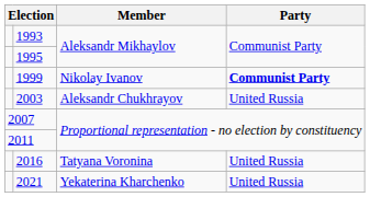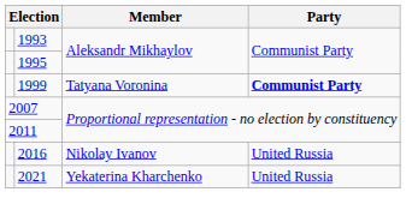 <table class="wikitable">
 <tr>
 <th colspan="2">Election</th>
 <th>Member</th>
 <th>Party</th>
 </tr>
 <tr>
 <td style="background-color:"></td>
 <td><a href='#'>1993</a></td>
 <td rowspan=2><a href='#'>Aleksandr Mikhaylov</a></td>
 <td rowspan=2><a href='#'>Communist Party</a></td>
 </tr>
 <tr>
 <td style="background-color:"></td>
 <td><a href='#'>1995</a></td>
 </tr>
 <tr>
 <td style="background-color:"></td>
 <td><a href='#'>1999</a></td>
-<td><a href='#'>Nikolay Ivanov</a></td>
+<td><a href='#'>Tatyana Voronina</a></td>
 <td><strong><a href='#'>Communist Party</a></strong></td>
-</tr>
-<tr>
-<td style="background-color:"></td>
-<td><a href='#'>2003</a></td>
-<td><a href='#'>Aleksandr Chukhrayov</a></td>
-<td><a href='#'>United Russia</a></td>
 </tr>
 <tr>
 <td colspan=2><a href='#'>2007</a></td>
 <td colspan=2 rowspan=2><em><a href='#'>Proportional representation</a> - no election by constituency</em></td>
 </tr>
 <tr>
 <td colspan=2><a href='#'>2011</a></td>
 </tr>
 <tr>
 <td style="background-color: "></td>
 <td><a href='#'>2016</a></td>
-<td><a href='#'>Tatyana Voronina</a></td>
+<td><a href='#'>Nikolay Ivanov</a></td>
 <td><a href='#'>United Russia</a></td>
 </tr>
 <tr>
 <td style="background-color: "></td>
 <td><a href='#'>2021</a></td>
 <td><a href='#'>Yekaterina Kharchenko</a></td>
 <td><a href='#'>United Russia</a></td>
 </tr>
 </table>
